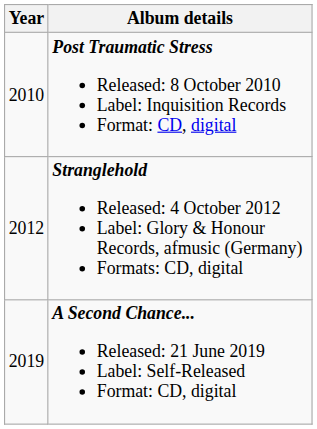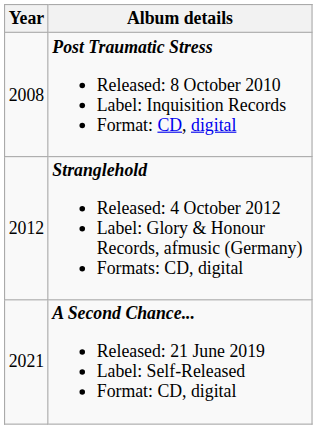 <table class="wikitable plainrowheaders" style="text-align:center;">
 <tr>
 <th scope="col">Year</th>
 <th scope="col" style="width:230px;">Album details</th>
 </tr>
 <tr>
-<td>2010</td>
+<td>2008</td>
 <td style="text-align:left;"><strong><em>Post Traumatic Stress</em></strong><br><ul><li>Released: 8 October 2010</li><li>Label: Inquisition Records</li><li>Format: <a href='#'>CD</a>, <a href='#'>digital</a></li></ul></td>
 </tr>
 <tr>
 <td>2012</td>
 <td style="text-align:left;"><strong><em>Stranglehold</em></strong><br><ul><li>Released: 4 October 2012</li><li>Label: Glory & Honour Records, afmusic (Germany)</li><li>Formats: CD, digital</li></ul></td>
 </tr>
 <tr>
-<td>2019</td>
+<td>2021</td>
 <td style="text-align:left;"><strong><em>A Second Chance...</em></strong><br><ul><li>Released: 21 June 2019</li><li>Label: Self-Released</li><li>Format: CD, digital</li></ul></td>
 </tr>
 </table>
